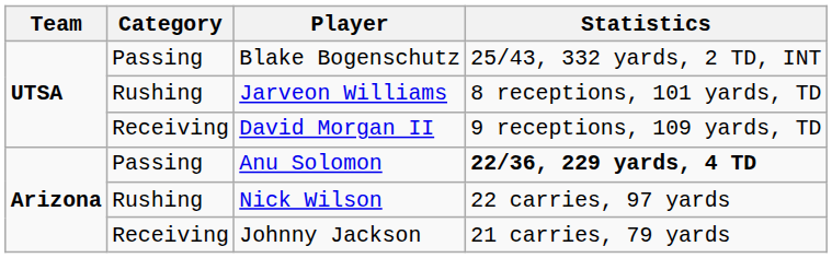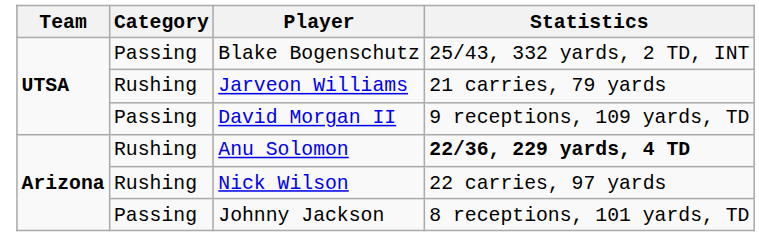 <table class="wikitable" style="float: right;">
 <tr>
 <th>Team</th>
 <th>Category</th>
 <th>Player</th>
 <th>Statistics</th>
 </tr>
 <tr>
 <td rowspan=3><strong>UTSA</strong></td>
 <td>Passing</td>
 <td>Blake Bogenschutz</td>
 <td>25/43, 332 yards, 2 TD, INT</td>
 </tr>
 <tr>
 <td>Rushing</td>
 <td><a href='#'>Jarveon Williams</a></td>
-<td>8 receptions, 101 yards, TD</td>
+<td>21 carries, 79 yards</td>
 </tr>
 <tr>
-<td>Receiving</td>
+<td>Passing</td>
 <td><a href='#'>David Morgan II</a></td>
 <td>9 receptions, 109 yards, TD</td>
 </tr>
 <tr>
 <td rowspan=3><strong>Arizona</strong></td>
-<td>Passing</td>
+<td>Rushing</td>
 <td><a href='#'>Anu Solomon</a></td>
 <td><strong>22/36, 229 yards, 4 TD</strong></td>
 </tr>
 <tr>
 <td>Rushing</td>
 <td><a href='#'>Nick Wilson</a></td>
 <td>22 carries, 97 yards</td>
 </tr>
 <tr>
-<td>Receiving</td>
+<td>Passing</td>
 <td>Johnny Jackson</td>
-<td>21 carries, 79 yards</td>
+<td>8 receptions, 101 yards, TD</td>
 </tr>
 </table>
